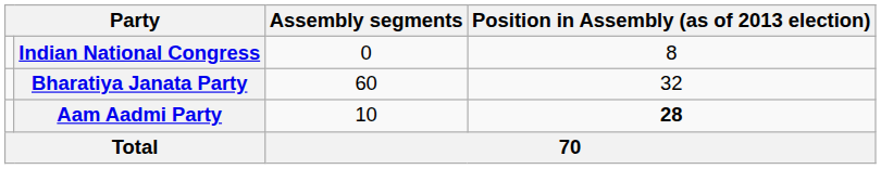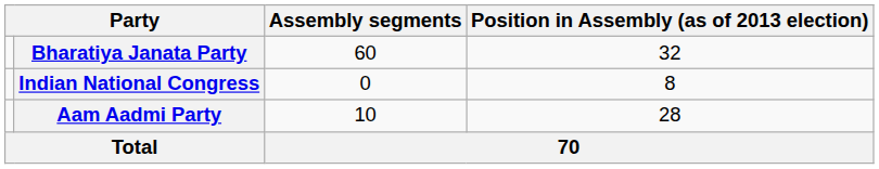 <table class="wikitable" style="text-align:center">
 <tr>
 <th colspan="2">Party</th>
 <th>Assembly segments</th>
 <th>Position in Assembly (as of 2013 election)</th>
+</tr>
+<tr>
+<td></td>
+<th><a href='#'>Bharatiya Janata Party</a></th>
+<td>60</td>
+<td>32</td>
 </tr>
 <tr>
 <td></td>
 <th><a href='#'>Indian National Congress</a></th>
 <td>0</td>
 <td>8</td>
 </tr>
 <tr>
 <td></td>
-<th><a href='#'>Bharatiya Janata Party</a></th>
-<td>60</td>
-<td>32</td>
-</tr>
-<tr>
-<td></td>
 <th><a href='#'>Aam Aadmi Party</a></th>
 <td>10</td>
-<td><strong>28</strong></td>
+<td>28</td>
 </tr>
 <tr>
 <th colspan="2">Total</th>
 <th colspan="2">70</th>
 </tr>
 </table>
